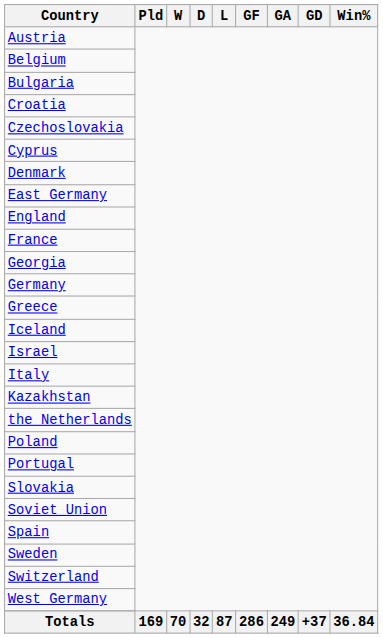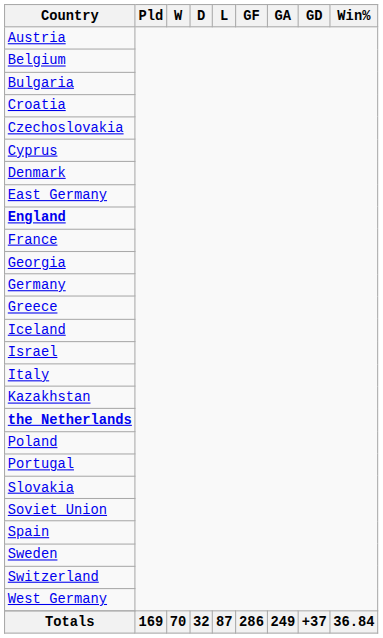 <table class="wikitable" style="text-align:center">
 <tr>
 <th>Country</th>
 <th>Pld</th>
 <th>W</th>
 <th>D</th>
 <th>L</th>
 <th>GF</th>
 <th>GA</th>
 <th>GD</th>
 <th>Win%</th>
 </tr>
 <tr>
 <td align=left> <a href='#'>Austria</a><br></td>
 </tr>
 <tr>
 <td align=left> <a href='#'>Belgium</a><br></td>
 </tr>
 <tr>
 <td align=left> <a href='#'>Bulgaria</a><br></td>
 </tr>
 <tr>
 <td align=left> <a href='#'>Croatia</a><br></td>
 </tr>
 <tr>
 <td align=left> <a href='#'>Czechoslovakia</a><br></td>
 </tr>
 <tr>
 <td align=left> <a href='#'>Cyprus</a><br></td>
 </tr>
 <tr>
 <td align=left> <a href='#'>Denmark</a><br></td>
 </tr>
 <tr>
 <td align=left> <a href='#'>East Germany</a><br></td>
 </tr>
 <tr>
-<td align=left> <a href='#'>England</a><br></td>
+<td align=left><strong> <a href='#'>England</a><br></strong></td>
 </tr>
 <tr>
 <td align=left> <a href='#'>France</a><br></td>
 </tr>
 <tr>
 <td align=left> <a href='#'>Georgia</a><br></td>
 </tr>
 <tr>
 <td align=left> <a href='#'>Germany</a><br></td>
 </tr>
 <tr>
 <td align=left> <a href='#'>Greece</a><br></td>
 </tr>
 <tr>
 <td align=left> <a href='#'>Iceland</a><br></td>
 </tr>
 <tr>
 <td align=left> <a href='#'>Israel</a><br></td>
 </tr>
 <tr>
 <td align=left> <a href='#'>Italy</a><br></td>
 </tr>
 <tr>
 <td align=left> <a href='#'>Kazakhstan</a><br></td>
 </tr>
 <tr>
-<td align=left> <a href='#'>the Netherlands</a><br></td>
+<td align=left><strong> <a href='#'>the Netherlands</a><br></strong></td>
 </tr>
 <tr>
 <td align=left> <a href='#'>Poland</a><br></td>
 </tr>
 <tr>
 <td align=left> <a href='#'>Portugal</a><br></td>
 </tr>
 <tr>
 <td align=left> <a href='#'>Slovakia</a><br></td>
 </tr>
 <tr>
 <td align=left> <a href='#'>Soviet Union</a><br></td>
 </tr>
 <tr>
 <td align=left> <a href='#'>Spain</a><br></td>
 </tr>
 <tr>
 <td align=left> <a href='#'>Sweden</a><br></td>
 </tr>
 <tr>
 <td align=left> <a href='#'>Switzerland</a><br></td>
 </tr>
 <tr>
 <td align=left> <a href='#'>West Germany</a><br></td>
 </tr>
 <tr>
 </tr>
 <tr class="sortbottom">
 <th>Totals</th>
 <th><strong>169</strong></th>
 <th><strong>70</strong></th>
 <th><strong>32</strong></th>
 <th><strong>87</strong></th>
 <th><strong>286</strong></th>
 <th><strong>249</strong></th>
 <th><strong>+37</strong></th>
 <th><strong>36.84</strong></th>
 </tr>
 </table>
